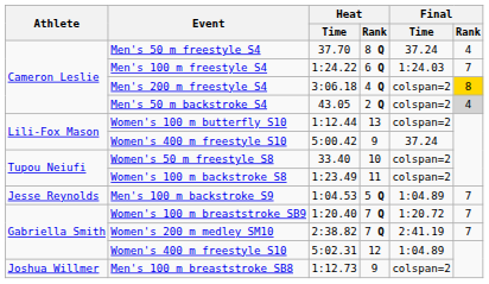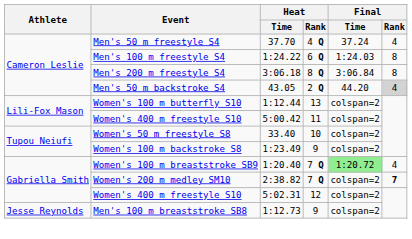 <table class=wikitable style="font-size:90%">
 <tr>
 <th rowspan="2">Athlete</th>
 <th rowspan="2">Event</th>
 <th colspan="2">Heat</th>
 <th colspan="2">Final</th>
 </tr>
 <tr style="font-size:95%">
 <th>Time</th>
 <th>Rank</th>
 <th>Time</th>
 <th>Rank</th>
 </tr>
 <tr align=center>
 <td align=left rowspan=4><a href='#'>Cameron Leslie</a></td>
 <td align=left><a href='#'>Men's 50 m freestyle S4</a></td>
 <td>37.70</td>
-<td>8 <strong>Q</strong></td>
+<td>4 <strong>Q</strong></td>
 <td>37.24</td>
 <td>4</td>
 </tr>
 <tr align=center>
 <td align=left><a href='#'>Men's 100 m freestyle S4</a></td>
 <td>1:24.22</td>
 <td>6 <strong>Q</strong></td>
 <td>1:24.03</td>
-<td>7</td>
+<td>8</td>
 </tr>
 <tr align=center>
 <td align=left><a href='#'>Men's 200 m freestyle S4</a></td>
 <td>3:06.18</td>
-<td>4 <strong>Q</strong></td>
-<td>colspan=2 </td>
-<td style="background: gold;">8</td>
+<td>8 <strong>Q</strong></td>
+<td>3:06.84</td>
+<td>8</td>
 </tr>
 <tr align=center>
 <td align=left><a href='#'>Men's 50 m backstroke S4</a></td>
 <td>43.05</td>
 <td>2 <strong>Q</strong></td>
-<td>colspan=2 </td>
+<td>44.20</td>
 <td style="background: lightgrey;">4</td>
 </tr>
 <tr align=center>
 <td align=left rowspan=2><a href='#'>Lili-Fox Mason</a></td>
 <td align=left><a href='#'>Women's 100 m butterfly S10</a></td>
 <td>1:12.44</td>
 <td>13</td>
 <td>colspan=2 </td>
 </tr>
 <tr align=center>
 <td align=left><a href='#'>Women's 400 m freestyle S10</a></td>
 <td>5:00.42</td>
-<td>9</td>
-<td>37.24</td>
+<td>11</td>
+<td>colspan=2 </td>
 </tr>
 <tr align=center>
 <td align=left rowspan=2><a href='#'>Tupou Neiufi</a></td>
 <td align=left><a href='#'>Women's 50 m freestyle S8</a></td>
 <td>33.40</td>
 <td>10</td>
 <td>colspan=2 </td>
 </tr>
 <tr align=center>
 <td align=left><a href='#'>Women's 100 m backstroke S8</a></td>
 <td>1:23.49</td>
-<td>11</td>
+<td>9</td>
 <td>colspan=2 </td>
-</tr>
-<tr align=center>
-<td align=left><a href='#'>Jesse Reynolds</a></td>
-<td align=left><a href='#'>Men's 100 m backstroke S9</a></td>
-<td>1:04.53</td>
-<td>5 <strong>Q</strong></td>
-<td>1:04.89</td>
-<td>7</td>
 </tr>
 <tr align=center>
 <td align=left rowspan=3><a href='#'>Gabriella Smith</a></td>
 <td align=left><a href='#'>Women's 100 m breaststroke SB9</a></td>
 <td>1:20.40</td>
 <td>7 <strong>Q</strong></td>
-<td>1:20.72</td>
-<td>7</td>
+<td style="background: lightgreen;">1:20.72</td>
+<td>4</td>
 </tr>
 <tr align=center>
 <td align=left><a href='#'>Women's 200 m medley SM10</a></td>
 <td>2:38.82</td>
 <td>7 <strong>Q</strong></td>
-<td>2:41.19</td>
-<td>7</td>
+<td>colspan=2 </td>
+<td><strong>7</strong></td>
 </tr>
 <tr align=center>
 <td align=left><a href='#'>Women's 400 m freestyle S10</a></td>
 <td>5:02.31</td>
 <td>12</td>
-<td>1:04.89</td>
+<td>colspan=2 </td>
 </tr>
 <tr align=center>
-<td align=left><a href='#'>Joshua Willmer</a></td>
+<td align=left><a href='#'>Jesse Reynolds</a></td>
 <td align=left><a href='#'>Men's 100 m breaststroke SB8</a></td>
 <td>1:12.73</td>
 <td>9</td>
 <td>colspan=2 </td>
 </tr>
 </table>
